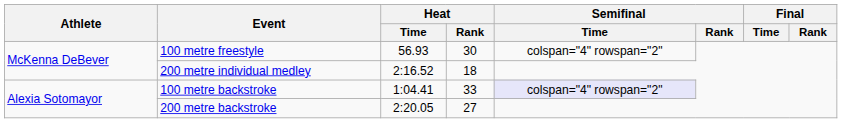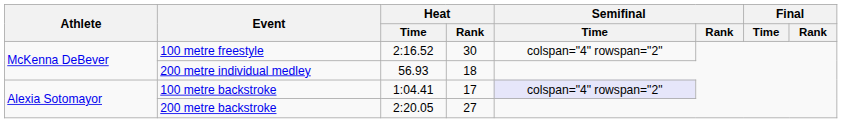 <table class="wikitable" style="text-align:center; font-size:90%; width:50%;">
 <tr>
 <th rowspan="2">Athlete</th>
 <th rowspan="2">Event</th>
 <th colspan="2">Heat</th>
 <th colspan="2">Semifinal</th>
 <th colspan="2">Final</th>
 </tr>
 <tr style="font-size:95%">
 <th>Time</th>
 <th>Rank</th>
 <th>Time</th>
 <th>Rank</th>
 <th>Time</th>
 <th>Rank</th>
 </tr>
 <tr align=center>
 <td align=left rowspan="2"><a href='#'>McKenna DeBever</a></td>
 <td align=left><a href='#'>100 metre freestyle</a></td>
-<td>56.93</td>
+<td>2:16.52</td>
 <td>30</td>
 <td>colspan="4" rowspan="2" </td>
 </tr>
 <tr align=center>
 <td align=left><a href='#'>200 metre individual medley</a></td>
-<td>2:16.52</td>
+<td>56.93</td>
 <td>18</td>
 </tr>
 <tr align=center>
 <td align=left rowspan="2"><a href='#'>Alexia Sotomayor</a></td>
 <td align=left><a href='#'>100 metre backstroke</a></td>
 <td>1:04.41</td>
-<td>33</td>
+<td>17</td>
 <td style="background: lavender;">colspan="4" rowspan="2" </td>
 </tr>
 <tr align=center>
 <td align=left><a href='#'>200 metre backstroke</a></td>
 <td>2:20.05</td>
 <td>27</td>
 </tr>
 </table>
